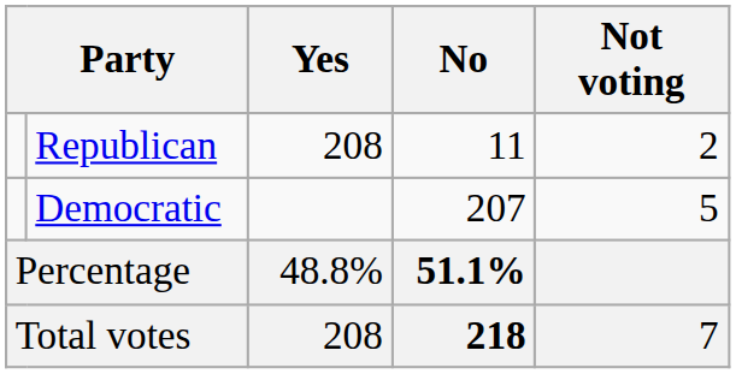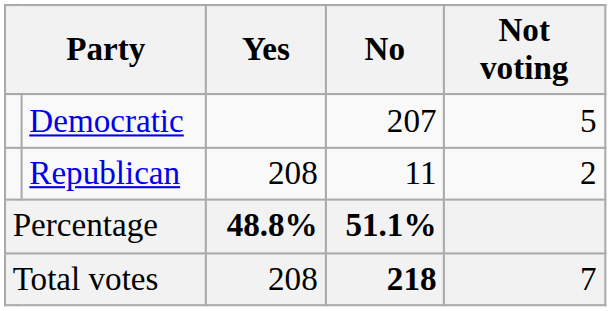 <table class="wikitable" style="margin-right: 1em; background: #f9f9f9; text-align: right;">
 <tr>
 <th colspan="2" scope="col" style="width: 90px">Party</th>
 <th scope="col" style="width: 50px">Yes</th>
 <th scope="col" style="width: 50px">No</th>
 <th scope="col" style="width: 70px">Not voting</th>
 </tr>
 <tr>
 <td scope="row" style="background-color:"></td>
+<td scope="row" style="text-align: left;"><a href='#'>Democratic</a></td>
+<td></td>
+<td>207</td>
+<td>5</td>
+</tr>
+<tr>
+<td scope="row" style="background-color:"></td>
 <td scope="row" style="text-align: left;"><a href='#'>Republican</a></td>
 <td>208</td>
 <td>11</td>
 <td>2</td>
 </tr>
-<tr>
-<td scope="row" style="background-color:"></td>
-<td scope="row" style="text-align: left;"><a href='#'>Democratic</a></td>
-<td></td>
-<td>207</td>
-<td>5</td>
-</tr>
 <tr class="tfoot" style="background:#f2f2f2;"|>
 <td scope="row" colspan="2" style="text-align:left;">Percentage</td>
-<td>48.8%</td>
+<td><strong>48.8%</strong></td>
 <td><strong>51.1%</strong></td>
 <td></td>
 </tr>
 <tr class="tfoot" style="background:#f2f2f2;">
 <td scope="row" colspan="2" style="text-align:left;">Total votes</td>
 <td>208</td>
 <td> <strong>218</strong></td>
 <td>7</td>
 </tr>
 </table>
